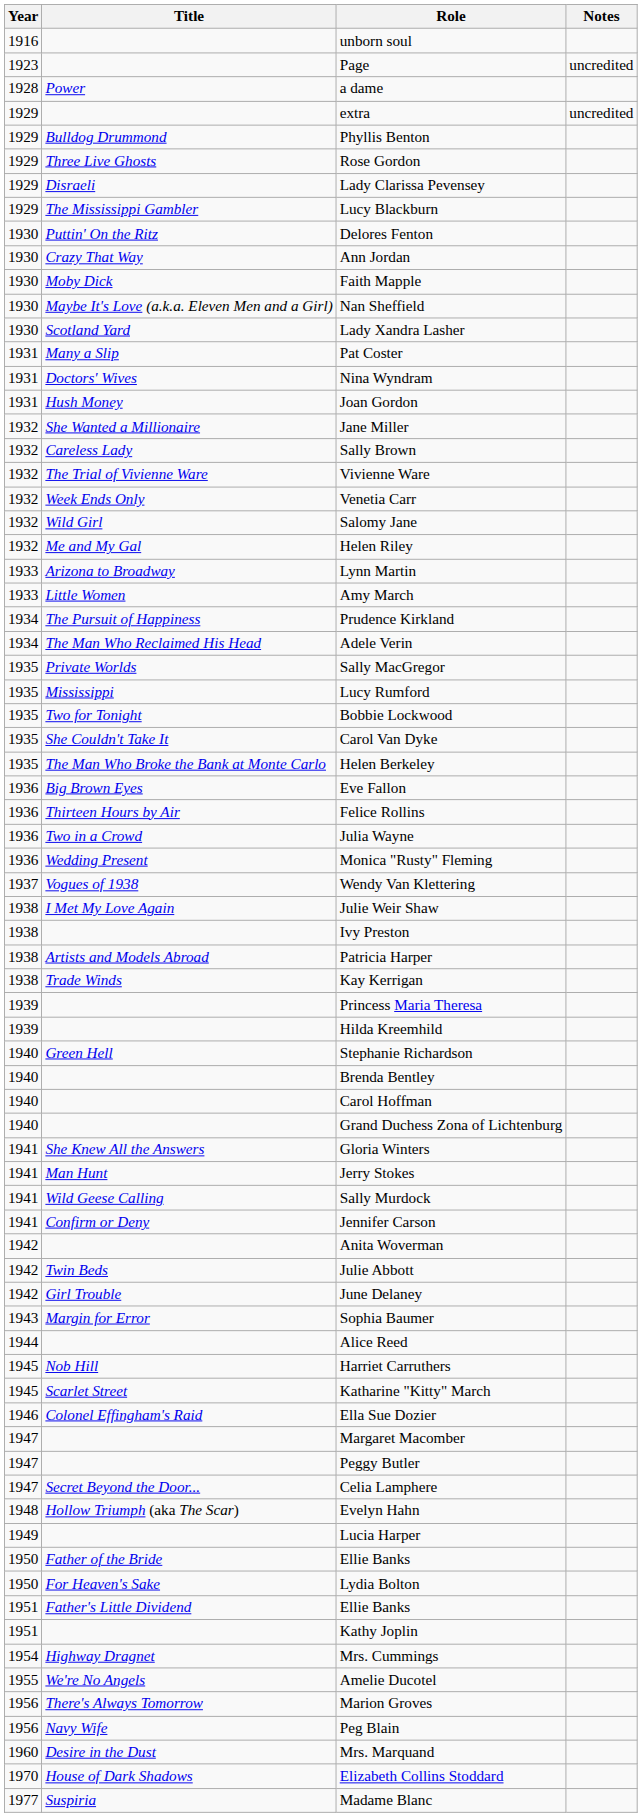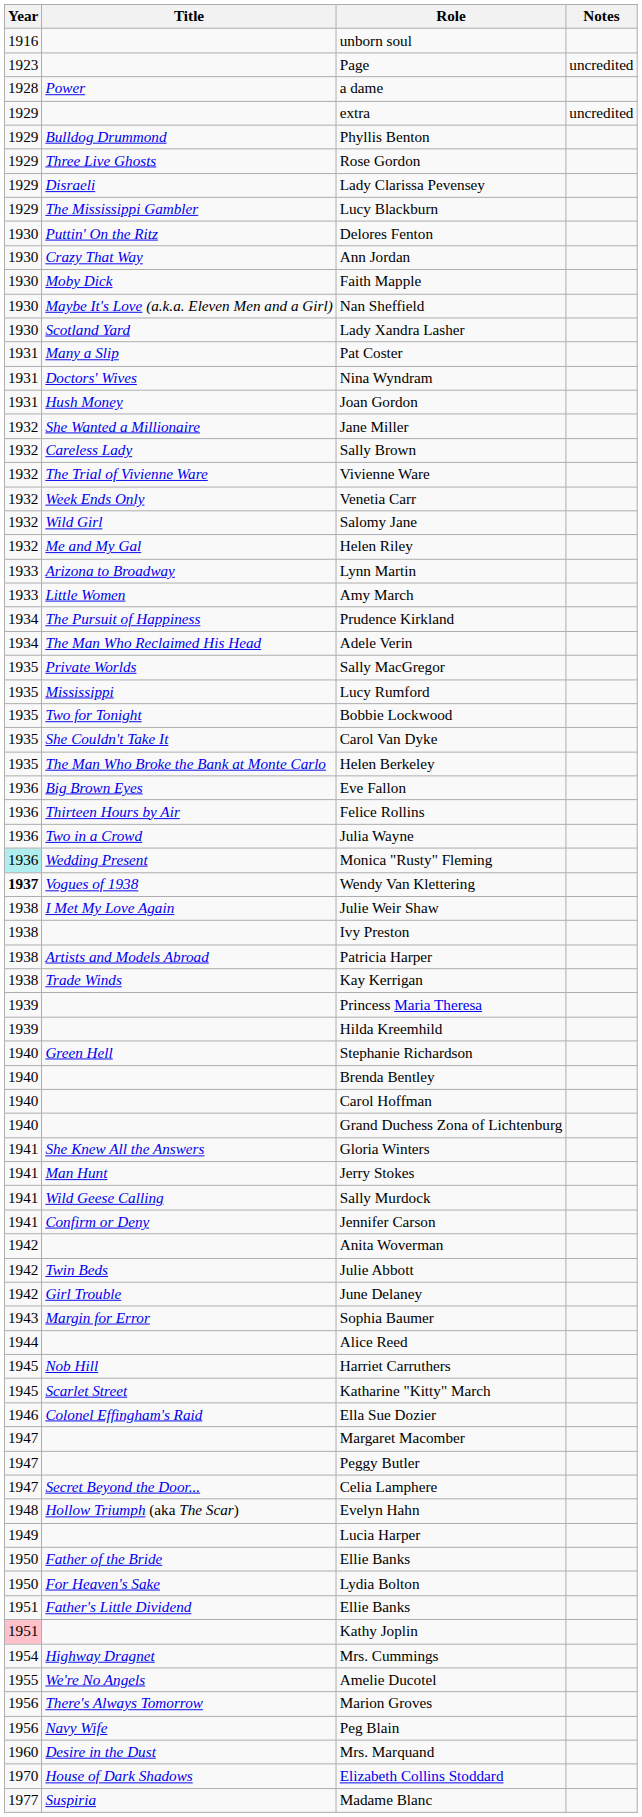 <table class="wikitable sortable">
 <tr>
 <th>Year</th>
 <th>Title</th>
 <th>Role</th>
 <th class="unsortable">Notes</th>
 </tr>
 <tr>
 <td>1916</td>
 <td><em></em></td>
 <td>unborn soul</td>
 <td></td>
 </tr>
 <tr>
 <td>1923</td>
 <td><em></em></td>
 <td>Page</td>
 <td>uncredited</td>
 </tr>
 <tr>
 <td>1928</td>
 <td><em><a href='#'>Power</a></em></td>
 <td>a dame</td>
 <td></td>
 </tr>
 <tr>
 <td>1929</td>
 <td><em></em></td>
 <td>extra</td>
 <td>uncredited</td>
 </tr>
 <tr>
 <td>1929</td>
 <td><em><a href='#'>Bulldog Drummond</a></em></td>
 <td>Phyllis Benton</td>
 <td></td>
 </tr>
 <tr>
 <td>1929</td>
 <td><em><a href='#'>Three Live Ghosts</a></em></td>
 <td>Rose Gordon</td>
 <td></td>
 </tr>
 <tr>
 <td>1929</td>
 <td><em><a href='#'>Disraeli</a></em></td>
 <td>Lady Clarissa Pevensey</td>
 <td></td>
 </tr>
 <tr>
 <td>1929</td>
 <td><em><a href='#'>The Mississippi Gambler</a></em></td>
 <td>Lucy Blackburn</td>
 <td></td>
 </tr>
 <tr>
 <td>1930</td>
 <td><em><a href='#'>Puttin' On the Ritz</a></em></td>
 <td>Delores Fenton</td>
 <td></td>
 </tr>
 <tr>
 <td>1930</td>
 <td><em><a href='#'>Crazy That Way</a></em></td>
 <td>Ann Jordan</td>
 <td></td>
 </tr>
 <tr>
 <td>1930</td>
 <td><em><a href='#'>Moby Dick</a></em></td>
 <td>Faith Mapple</td>
 <td></td>
 </tr>
 <tr>
 <td>1930</td>
 <td><em><a href='#'>Maybe It's Love</a> (a.k.a. Eleven Men and a Girl)</em></td>
 <td>Nan Sheffield</td>
 <td></td>
 </tr>
 <tr>
 <td>1930</td>
 <td><em><a href='#'>Scotland Yard</a></em></td>
 <td>Lady Xandra Lasher</td>
 <td></td>
 </tr>
 <tr>
 <td>1931</td>
 <td><em><a href='#'>Many a Slip</a></em></td>
 <td>Pat Coster</td>
 <td></td>
 </tr>
 <tr>
 <td>1931</td>
 <td><em><a href='#'>Doctors' Wives</a></em></td>
 <td>Nina Wyndram</td>
 <td></td>
 </tr>
 <tr>
 <td>1931</td>
 <td><em><a href='#'>Hush Money</a></em></td>
 <td>Joan Gordon</td>
 <td></td>
 </tr>
 <tr>
 <td>1932</td>
 <td><em><a href='#'>She Wanted a Millionaire</a></em></td>
 <td>Jane Miller</td>
 <td></td>
 </tr>
 <tr>
 <td>1932</td>
 <td><em><a href='#'>Careless Lady</a></em></td>
 <td>Sally Brown</td>
 <td></td>
 </tr>
 <tr>
 <td>1932</td>
 <td><em><a href='#'>The Trial of Vivienne Ware</a></em></td>
 <td>Vivienne Ware</td>
 <td></td>
 </tr>
 <tr>
 <td>1932</td>
 <td><em><a href='#'>Week Ends Only</a></em></td>
 <td>Venetia Carr</td>
 <td></td>
 </tr>
 <tr>
 <td>1932</td>
 <td><em><a href='#'>Wild Girl</a></em></td>
 <td>Salomy Jane</td>
 <td></td>
 </tr>
 <tr>
 <td>1932</td>
 <td><em><a href='#'>Me and My Gal</a></em></td>
 <td>Helen Riley</td>
 <td></td>
 </tr>
 <tr>
 <td>1933</td>
 <td><em><a href='#'>Arizona to Broadway</a></em></td>
 <td>Lynn Martin</td>
 <td></td>
 </tr>
 <tr>
 <td>1933</td>
 <td><em><a href='#'>Little Women</a></em></td>
 <td>Amy March</td>
 <td></td>
 </tr>
 <tr>
 <td>1934</td>
 <td><em><a href='#'>The Pursuit of Happiness</a></em></td>
 <td>Prudence Kirkland</td>
 <td></td>
 </tr>
 <tr>
 <td>1934</td>
 <td><em><a href='#'>The Man Who Reclaimed His Head</a></em></td>
 <td>Adele Verin</td>
 <td></td>
 </tr>
 <tr>
 <td>1935</td>
 <td><em><a href='#'>Private Worlds</a></em></td>
 <td>Sally MacGregor</td>
 <td></td>
 </tr>
 <tr>
 <td>1935</td>
 <td><em><a href='#'>Mississippi</a></em></td>
 <td>Lucy Rumford</td>
 <td></td>
 </tr>
 <tr>
 <td>1935</td>
 <td><em><a href='#'>Two for Tonight</a></em></td>
 <td>Bobbie Lockwood</td>
 <td></td>
 </tr>
 <tr>
 <td>1935</td>
 <td><em><a href='#'>She Couldn't Take It</a></em></td>
 <td>Carol Van Dyke</td>
 <td></td>
 </tr>
 <tr>
 <td>1935</td>
 <td><em><a href='#'>The Man Who Broke the Bank at Monte Carlo</a></em></td>
 <td>Helen Berkeley</td>
 <td></td>
 </tr>
 <tr>
 <td>1936</td>
 <td><em><a href='#'>Big Brown Eyes</a></em></td>
 <td>Eve Fallon</td>
 <td></td>
 </tr>
 <tr>
 <td>1936</td>
 <td><em><a href='#'>Thirteen Hours by Air</a></em></td>
 <td>Felice Rollins</td>
 <td></td>
 </tr>
 <tr>
 <td>1936</td>
 <td><em><a href='#'>Two in a Crowd</a></em></td>
 <td>Julia Wayne</td>
 <td></td>
 </tr>
 <tr>
-<td>1936</td>
+<td style="background: paleturquoise;">1936</td>
 <td><em><a href='#'>Wedding Present</a></em></td>
 <td>Monica "Rusty" Fleming</td>
 <td></td>
 </tr>
 <tr>
-<td>1937</td>
+<td><strong>1937</strong></td>
 <td><em><a href='#'>Vogues of 1938</a></em></td>
 <td>Wendy Van Klettering</td>
 <td></td>
 </tr>
 <tr>
 <td>1938</td>
 <td><em><a href='#'>I Met My Love Again</a></em></td>
 <td>Julie Weir Shaw</td>
 <td></td>
 </tr>
 <tr>
 <td>1938</td>
 <td><em></em></td>
 <td>Ivy Preston</td>
 <td></td>
 </tr>
 <tr>
 <td>1938</td>
 <td><em><a href='#'>Artists and Models Abroad</a></em></td>
 <td>Patricia Harper</td>
 <td></td>
 </tr>
 <tr>
 <td>1938</td>
 <td><em><a href='#'>Trade Winds</a></em></td>
 <td>Kay Kerrigan</td>
 <td></td>
 </tr>
 <tr>
 <td>1939</td>
 <td><em></em></td>
 <td>Princess <a href='#'>Maria Theresa</a></td>
 <td></td>
 </tr>
 <tr>
 <td>1939</td>
 <td><em></em></td>
 <td>Hilda Kreemhild</td>
 <td></td>
 </tr>
 <tr>
 <td>1940</td>
 <td><em><a href='#'>Green Hell</a></em></td>
 <td>Stephanie Richardson</td>
 <td></td>
 </tr>
 <tr>
 <td>1940</td>
 <td><em></em></td>
 <td>Brenda Bentley</td>
 <td></td>
 </tr>
 <tr>
 <td>1940</td>
 <td><em></em></td>
 <td>Carol Hoffman</td>
 <td></td>
 </tr>
 <tr>
 <td>1940</td>
 <td><em></em></td>
 <td>Grand Duchess Zona of Lichtenburg</td>
 <td></td>
 </tr>
 <tr>
 <td>1941</td>
 <td><em><a href='#'>She Knew All the Answers</a></em></td>
 <td>Gloria Winters</td>
 <td></td>
 </tr>
 <tr>
 <td>1941</td>
 <td><em><a href='#'>Man Hunt</a></em></td>
 <td>Jerry Stokes</td>
 <td></td>
 </tr>
 <tr>
 <td>1941</td>
 <td><em><a href='#'>Wild Geese Calling</a></em></td>
 <td>Sally Murdock</td>
 <td></td>
 </tr>
 <tr>
 <td>1941</td>
 <td><em><a href='#'>Confirm or Deny</a></em></td>
 <td>Jennifer Carson</td>
 <td></td>
 </tr>
 <tr>
 <td>1942</td>
 <td><em></em></td>
 <td>Anita Woverman</td>
 <td></td>
 </tr>
 <tr>
 <td>1942</td>
 <td><em><a href='#'>Twin Beds</a></em></td>
 <td>Julie Abbott</td>
 <td></td>
 </tr>
 <tr>
 <td>1942</td>
 <td><em><a href='#'>Girl Trouble</a></em></td>
 <td>June Delaney</td>
 <td></td>
 </tr>
 <tr>
 <td>1943</td>
 <td><em><a href='#'>Margin for Error</a></em></td>
 <td>Sophia Baumer</td>
 <td></td>
 </tr>
 <tr>
 <td>1944</td>
 <td><em></em></td>
 <td>Alice Reed</td>
 <td></td>
 </tr>
 <tr>
 <td>1945</td>
 <td><em><a href='#'>Nob Hill</a></em></td>
 <td>Harriet Carruthers</td>
 <td></td>
 </tr>
 <tr>
 <td>1945</td>
 <td><em><a href='#'>Scarlet Street</a></em></td>
 <td>Katharine "Kitty" March</td>
 <td></td>
 </tr>
 <tr>
 <td>1946</td>
 <td><em><a href='#'>Colonel Effingham's Raid</a></em></td>
 <td>Ella Sue Dozier</td>
 <td></td>
 </tr>
 <tr>
 <td>1947</td>
 <td><em></em></td>
 <td>Margaret Macomber</td>
 <td></td>
 </tr>
 <tr>
 <td>1947</td>
 <td><em></em></td>
 <td>Peggy Butler</td>
 <td></td>
 </tr>
 <tr>
 <td>1947</td>
 <td><em><a href='#'>Secret Beyond the Door...</a></em></td>
 <td>Celia Lamphere</td>
 <td></td>
 </tr>
 <tr 1948 The Scar>
 <td>1948</td>
 <td><em><a href='#'>Hollow Triumph</a></em> (aka <em>The Scar</em>)</td>
 <td>Evelyn Hahn</td>
 <td></td>
 </tr>
 <tr>
 <td>1949</td>
 <td><em></em></td>
 <td>Lucia Harper</td>
 <td></td>
 </tr>
 <tr>
 <td>1950</td>
 <td><em><a href='#'>Father of the Bride</a></em></td>
 <td>Ellie Banks</td>
 <td></td>
 </tr>
 <tr>
 <td>1950</td>
 <td><em><a href='#'>For Heaven's Sake</a></em></td>
 <td>Lydia Bolton</td>
 <td></td>
 </tr>
 <tr>
 <td>1951</td>
 <td><em><a href='#'>Father's Little Dividend</a></em></td>
 <td>Ellie Banks</td>
 <td></td>
 </tr>
 <tr>
-<td>1951</td>
+<td style="background: pink;">1951</td>
 <td><em></em></td>
 <td>Kathy Joplin</td>
 <td></td>
 </tr>
 <tr>
 <td>1954</td>
 <td><em><a href='#'>Highway Dragnet</a></em></td>
 <td>Mrs. Cummings</td>
 <td></td>
 </tr>
 <tr>
 <td>1955</td>
 <td><em><a href='#'>We're No Angels</a></em></td>
 <td>Amelie Ducotel</td>
 <td></td>
 </tr>
 <tr>
 <td>1956</td>
 <td><em><a href='#'>There's Always Tomorrow</a></em></td>
 <td>Marion Groves</td>
 <td></td>
 </tr>
 <tr>
 <td>1956</td>
 <td><em><a href='#'>Navy Wife</a></em></td>
 <td>Peg Blain</td>
 <td></td>
 </tr>
 <tr>
 <td>1960</td>
 <td><em><a href='#'>Desire in the Dust</a></em></td>
 <td>Mrs. Marquand</td>
 <td></td>
 </tr>
 <tr>
 <td>1970</td>
 <td><em><a href='#'>House of Dark Shadows</a></em></td>
 <td><a href='#'>Elizabeth Collins Stoddard</a></td>
 <td></td>
 </tr>
 <tr>
 <td>1977</td>
 <td><em><a href='#'>Suspiria</a></em></td>
 <td>Madame Blanc</td>
 <td></td>
 </tr>
 </table>
